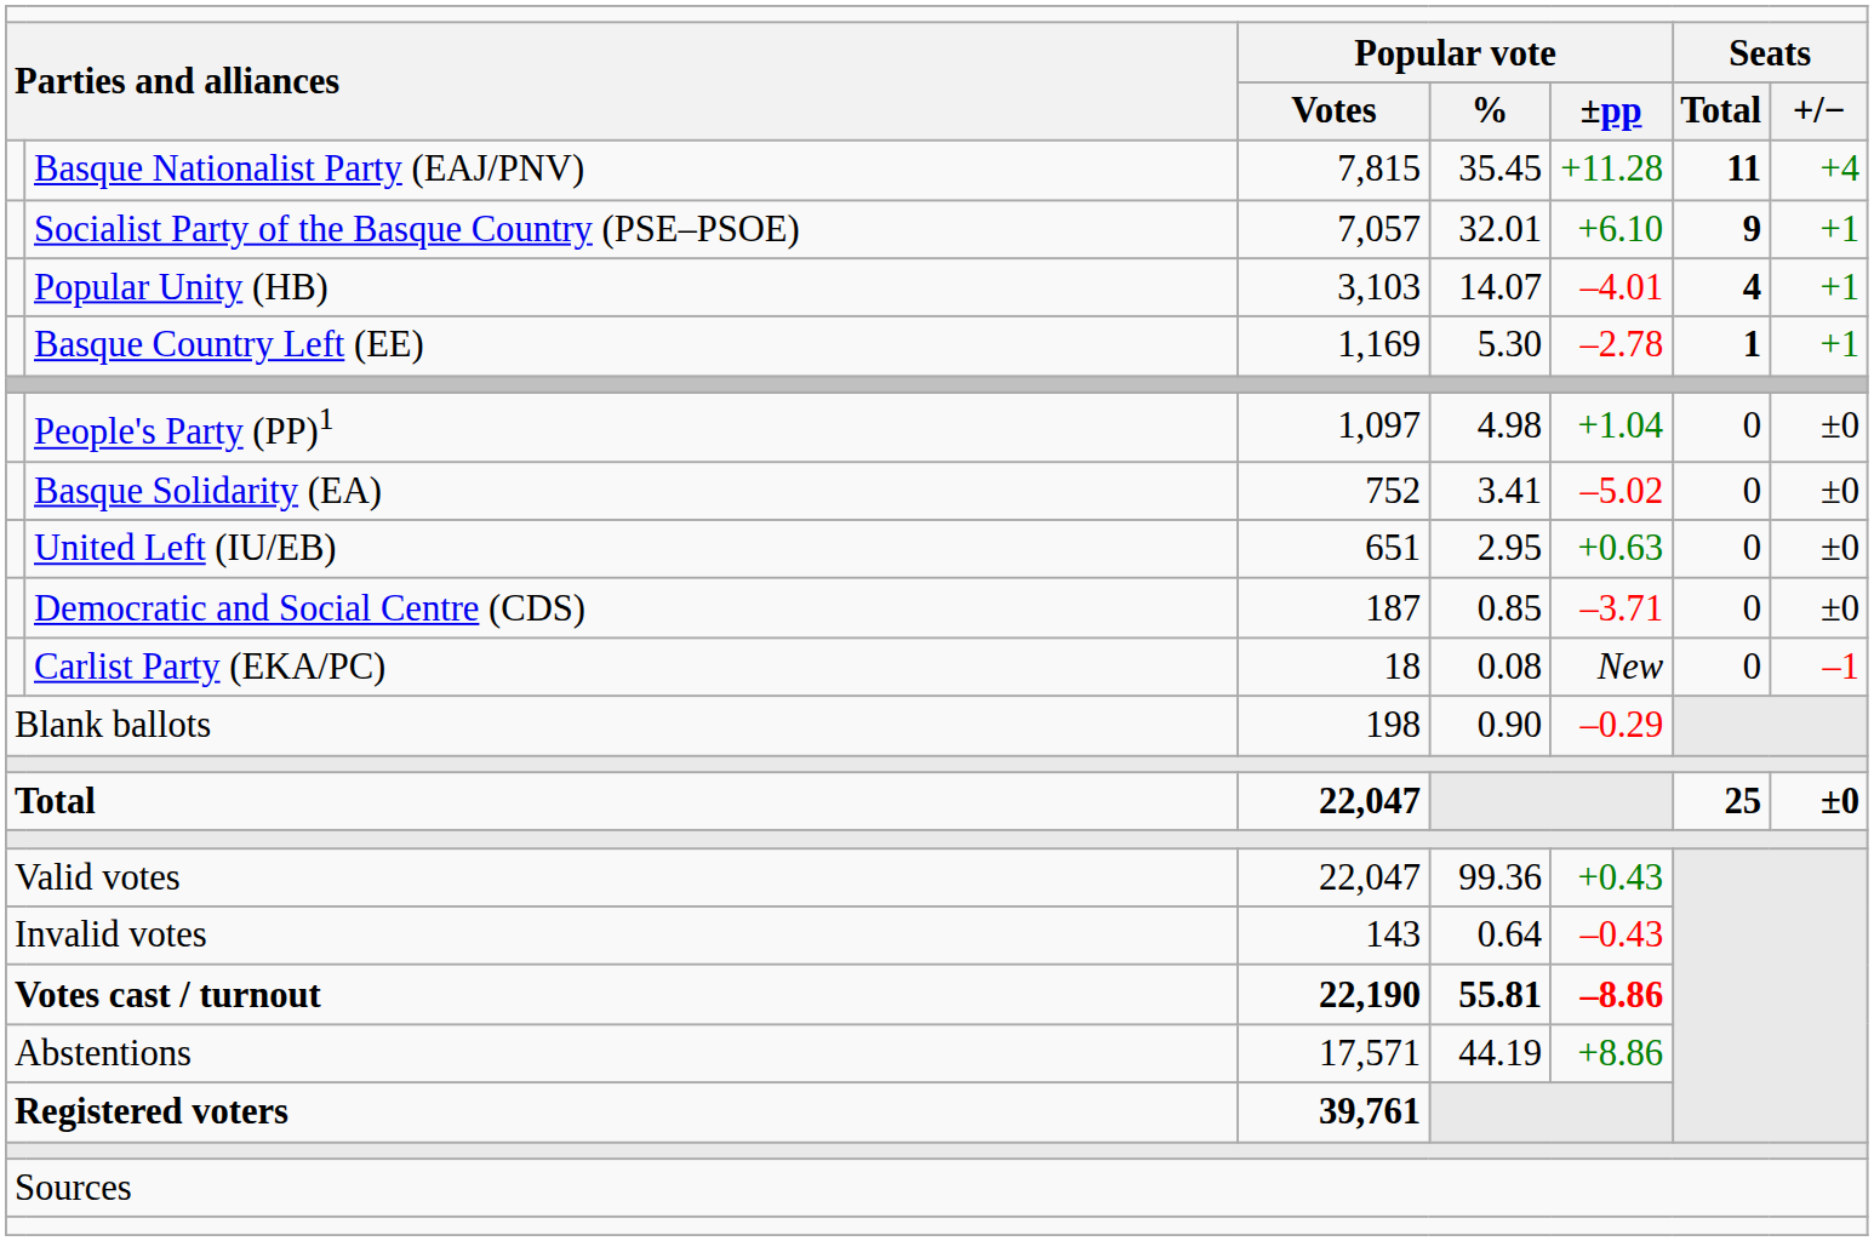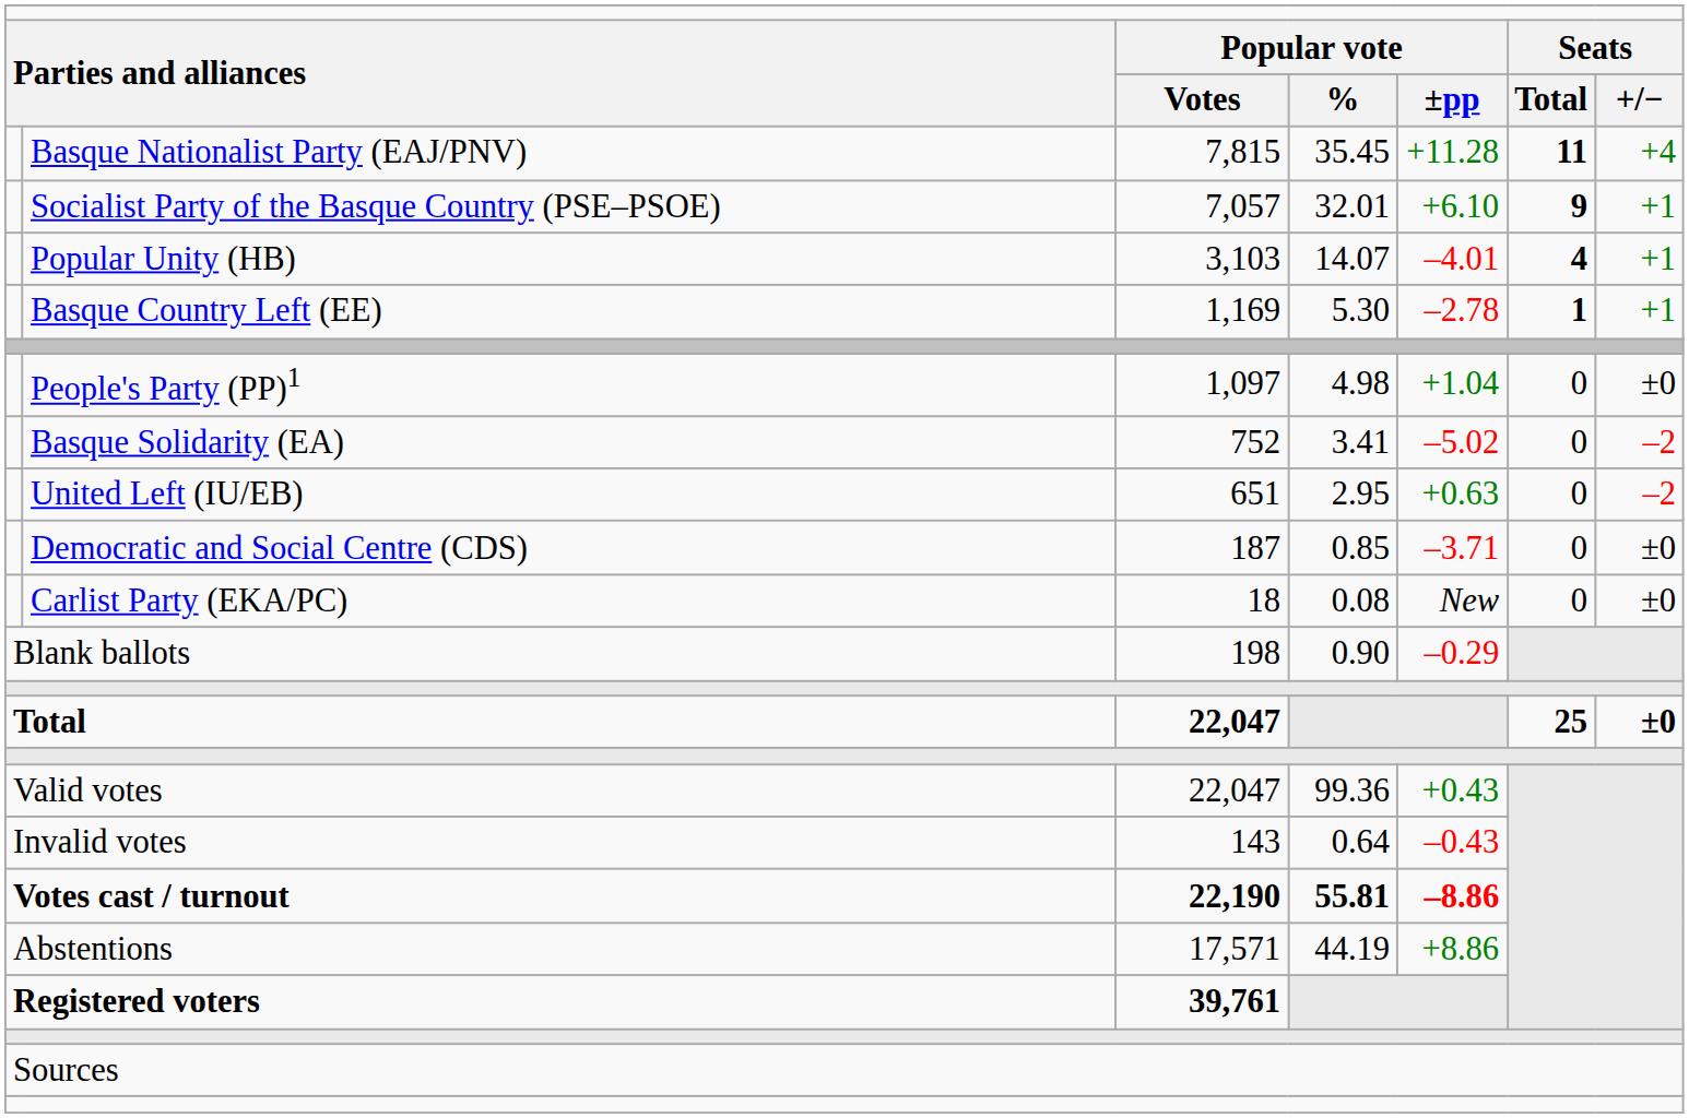 <table class="wikitable" style="text-align:right;">
 <tr>
 <td colspan="7"></td>
 </tr>
 <tr>
 <th style="text-align:left;" rowspan="2" colspan="2" width="525">Parties and alliances</th>
 <th colspan="3">Popular vote</th>
 <th colspan="2">Seats</th>
 </tr>
 <tr>
 <th width="75">Votes</th>
 <th width="45">%</th>
 <th width="45">±<a href='#'>pp</a></th>
 <th width="35">Total</th>
 <th width="35">+/−</th>
 </tr>
 <tr>
 <td width="1" style="color:inherit;background:"></td>
 <td align="left"><a href='#'>Basque Nationalist Party</a> (EAJ/PNV)</td>
 <td>7,815</td>
 <td>35.45</td>
 <td style="color:green;">+11.28</td>
 <td><strong>11</strong></td>
 <td style="color:green;">+4</td>
 </tr>
 <tr>
 <td style="color:inherit;background:"></td>
 <td align="left"><a href='#'>Socialist Party of the Basque Country</a> (PSE–PSOE)</td>
 <td>7,057</td>
 <td>32.01</td>
 <td style="color:green;">+6.10</td>
 <td><strong>9</strong></td>
 <td style="color:green;">+1</td>
 </tr>
 <tr>
 <td style="color:inherit;background:"></td>
 <td align="left"><a href='#'>Popular Unity</a> (HB)</td>
 <td>3,103</td>
 <td>14.07</td>
 <td style="color:red;">–4.01</td>
 <td><strong>4</strong></td>
 <td style="color:green;">+1</td>
 </tr>
 <tr>
 <td style="color:inherit;background:"></td>
 <td align="left"><a href='#'>Basque Country Left</a> (EE)</td>
 <td>1,169</td>
 <td>5.30</td>
 <td style="color:red;">–2.78</td>
 <td><strong>1</strong></td>
 <td style="color:green;">+1</td>
 </tr>
 <tr>
 <td colspan="7" bgcolor="#C0C0C0"></td>
 </tr>
 <tr>
 <td style="color:inherit;background:"></td>
 <td align="left"><a href='#'>People's Party</a> (PP)<sup>1</sup></td>
 <td>1,097</td>
 <td>4.98</td>
 <td style="color:green;">+1.04</td>
 <td>0</td>
 <td>±0</td>
 </tr>
 <tr>
 <td style="color:inherit;background:"></td>
 <td align="left"><a href='#'>Basque Solidarity</a> (EA)</td>
 <td>752</td>
 <td>3.41</td>
 <td style="color:red;">–5.02</td>
 <td>0</td>
-<td>±0</td>
+<td style="color:red;">–2</td>
 </tr>
 <tr>
 <td style="color:inherit;background:"></td>
 <td align="left"><a href='#'>United Left</a> (IU/EB)</td>
 <td>651</td>
 <td>2.95</td>
 <td style="color:green;">+0.63</td>
 <td>0</td>
-<td>±0</td>
+<td style="color:red;">–2</td>
 </tr>
 <tr>
 <td style="color:inherit;background:"></td>
 <td align="left"><a href='#'>Democratic and Social Centre</a> (CDS)</td>
 <td>187</td>
 <td>0.85</td>
 <td style="color:red;">–3.71</td>
 <td>0</td>
 <td>±0</td>
 </tr>
 <tr>
 <td style="color:inherit;background:"></td>
 <td align="left"><a href='#'>Carlist Party</a> (EKA/PC)</td>
 <td>18</td>
 <td>0.08</td>
 <td><em>New</em></td>
 <td>0</td>
-<td style="color:red;">–1</td>
+<td>±0</td>
 </tr>
 <tr>
 <td align="left" colspan="2">Blank ballots</td>
 <td>198</td>
 <td>0.90</td>
 <td style="color:red;">–0.29</td>
 <td bgcolor="#E9E9E9" colspan="2"></td>
 </tr>
 <tr>
 <td colspan="7" bgcolor="#E9E9E9"></td>
 </tr>
 <tr style="font-weight:bold;">
 <td align="left" colspan="2">Total</td>
 <td>22,047</td>
 <td bgcolor="#E9E9E9" colspan="2"></td>
 <td>25</td>
 <td>±0</td>
 </tr>
 <tr>
 <td colspan="7" bgcolor="#E9E9E9"></td>
 </tr>
 <tr>
 <td align="left" colspan="2">Valid votes</td>
 <td>22,047</td>
 <td>99.36</td>
 <td style="color:green;">+0.43</td>
 <td bgcolor="#E9E9E9" colspan="2" rowspan="5"></td>
 </tr>
 <tr>
 <td align="left" colspan="2">Invalid votes</td>
 <td>143</td>
 <td>0.64</td>
 <td style="color:red;">–0.43</td>
 </tr>
 <tr style="font-weight:bold;">
 <td align="left" colspan="2">Votes cast / turnout</td>
 <td>22,190</td>
 <td>55.81</td>
 <td style="color:red;">–8.86</td>
 </tr>
 <tr>
 <td align="left" colspan="2">Abstentions</td>
 <td>17,571</td>
 <td>44.19</td>
 <td style="color:green;">+8.86</td>
 </tr>
 <tr style="font-weight:bold;">
 <td align="left" colspan="2">Registered voters</td>
 <td>39,761</td>
 <td bgcolor="#E9E9E9" colspan="2"></td>
 </tr>
 <tr>
 <td colspan="7" bgcolor="#E9E9E9"></td>
 </tr>
 <tr>
 <td align="left" colspan="7">Sources</td>
 </tr>
 <tr>
 <td colspan="7" style="text-align:left; max-width:790px;"></td>
 </tr>
 </table>
